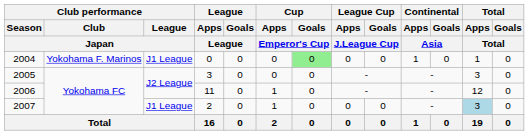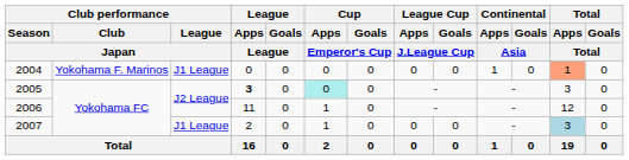 <table class="wikitable" style="text-align:center;">
 <tr>
 <th colspan=3>Club performance</th>
 <th colspan=2>League</th>
 <th colspan=2>Cup</th>
 <th colspan=2>League Cup</th>
 <th colspan=2>Continental</th>
 <th colspan=2>Total</th>
 </tr>
 <tr>
 <th>Season</th>
 <th>Club</th>
 <th>League</th>
 <th>Apps</th>
 <th>Goals</th>
 <th>Apps</th>
 <th>Goals</th>
 <th>Apps</th>
 <th>Goals</th>
 <th>Apps</th>
 <th>Goals</th>
 <th>Apps</th>
 <th>Goals</th>
 </tr>
 <tr>
 <th colspan=3>Japan</th>
 <th colspan=2>League</th>
 <th colspan=2><a href='#'>Emperor's Cup</a></th>
 <th colspan=2><a href='#'>J.League Cup</a></th>
 <th colspan=2><a href='#'>Asia</a></th>
 <th colspan=2>Total</th>
 </tr>
 <tr>
 <td>2004</td>
 <td><a href='#'>Yokohama F. Marinos</a></td>
 <td><a href='#'>J1 League</a></td>
 <td>0</td>
 <td>0</td>
 <td>0</td>
-<td style="background: lightgreen;">0</td>
+<td>0</td>
 <td>0</td>
 <td>0</td>
 <td>1</td>
 <td>0</td>
-<td>1</td>
+<td style="background: lightsalmon;">1</td>
 <td>0</td>
 </tr>
 <tr>
 <td>2005</td>
 <td rowspan="3"><a href='#'>Yokohama FC</a></td>
 <td rowspan="2"><a href='#'>J2 League</a></td>
-<td>3</td>
+<td><strong>3</strong></td>
 <td>0</td>
-<td>0</td>
+<td style="background: paleturquoise;">0</td>
 <td>0</td>
 <td colspan="2">-</td>
 <td colspan="2">-</td>
 <td>3</td>
 <td>0</td>
 </tr>
 <tr>
 <td>2006</td>
 <td>11</td>
 <td>0</td>
 <td>1</td>
 <td>0</td>
 <td colspan="2">-</td>
 <td colspan="2">-</td>
 <td>12</td>
 <td>0</td>
 </tr>
 <tr>
 <td>2007</td>
 <td><a href='#'>J1 League</a></td>
 <td>2</td>
 <td>0</td>
 <td>1</td>
 <td>0</td>
 <td>0</td>
 <td>0</td>
 <td colspan="2">-</td>
 <td style="background: lightblue;">3</td>
 <td>0</td>
 </tr>
 <tr>
 <th colspan=3>Total</th>
 <th>16</th>
 <th>0</th>
 <th>2</th>
 <th>0</th>
 <th>0</th>
 <th>0</th>
 <th>1</th>
 <th>0</th>
 <th>19</th>
 <th>0</th>
 </tr>
 </table>
